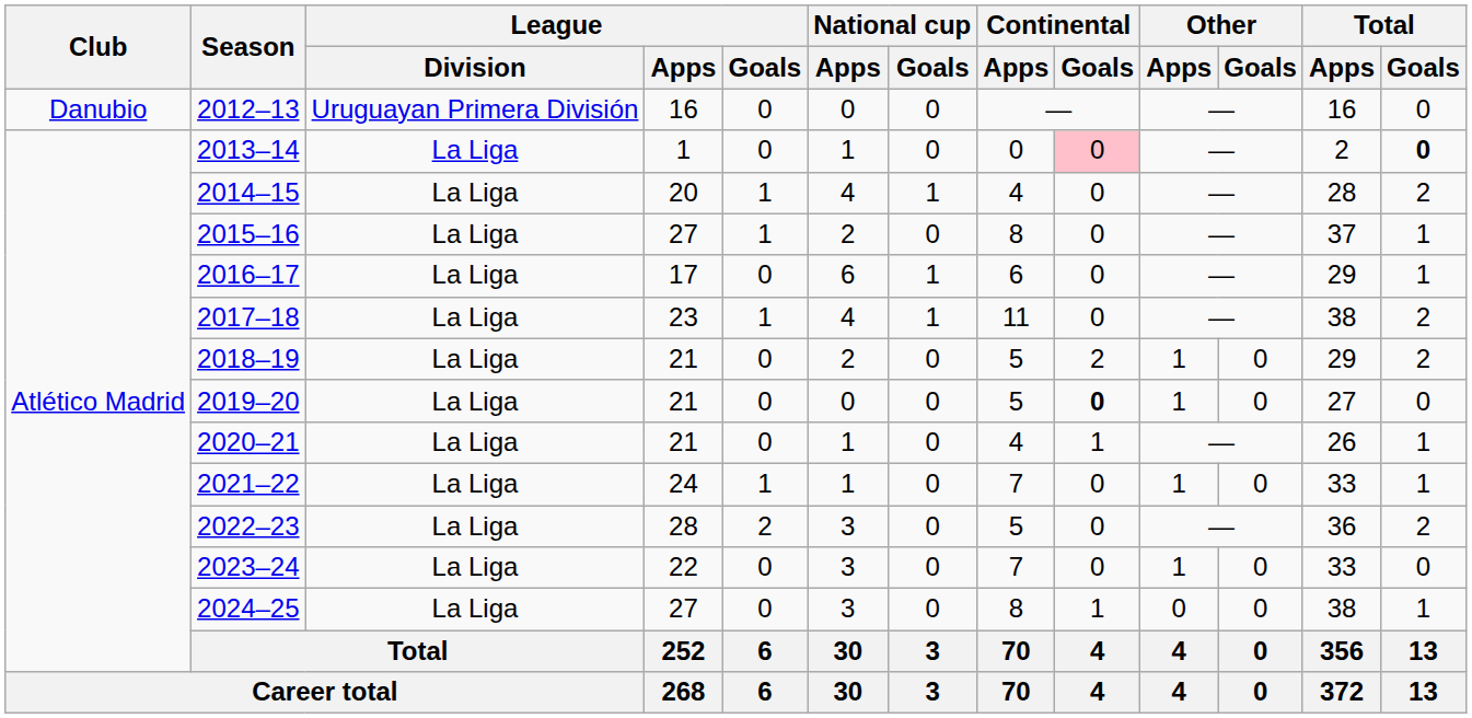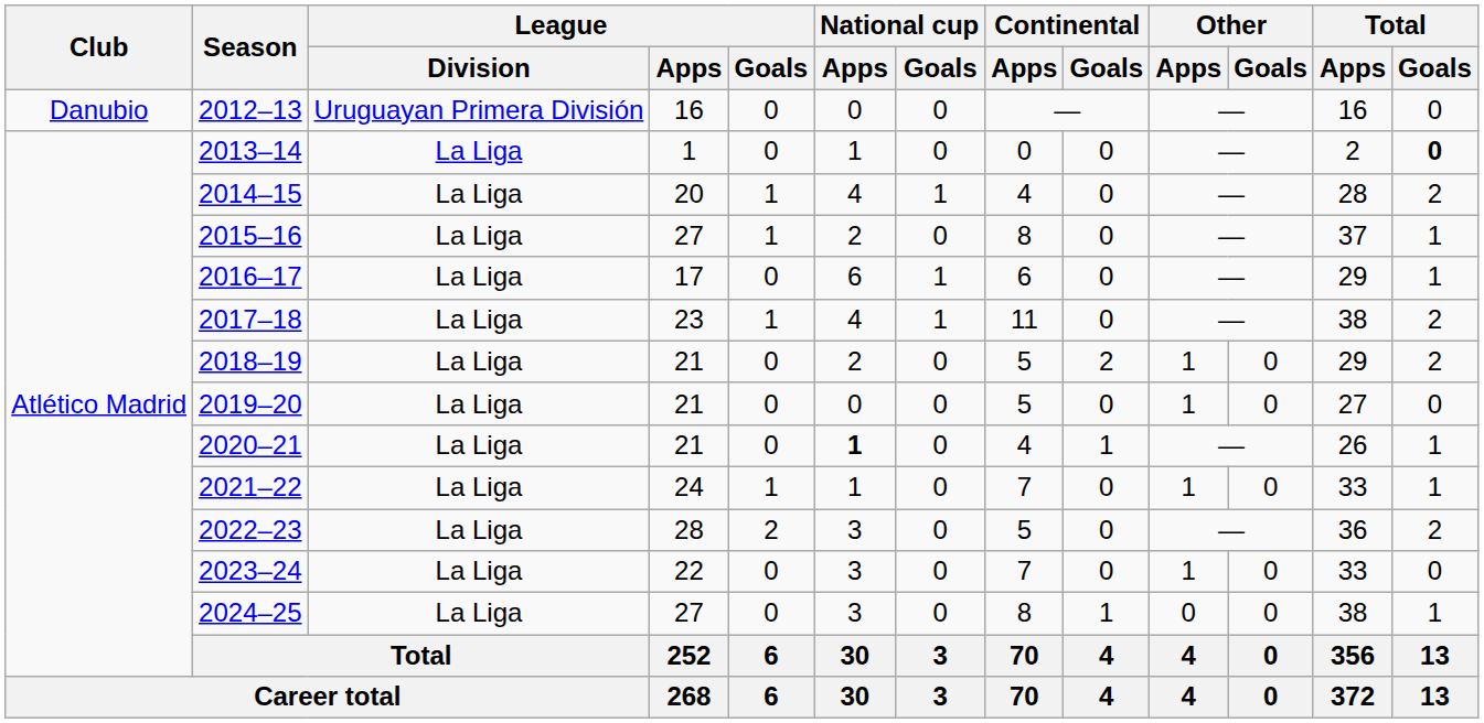 <table class="wikitable" style="text-align: center;">
 <tr>
 <th rowspan="2">Club</th>
 <th rowspan="2">Season</th>
 <th colspan="3">League</th>
 <th colspan="2">National cup</th>
 <th colspan="2">Continental</th>
 <th colspan="2">Other</th>
 <th colspan="2">Total</th>
 </tr>
 <tr>
 <th>Division</th>
 <th>Apps</th>
 <th>Goals</th>
 <th>Apps</th>
 <th>Goals</th>
 <th>Apps</th>
 <th>Goals</th>
 <th>Apps</th>
 <th>Goals</th>
 <th>Apps</th>
 <th>Goals</th>
 </tr>
 <tr>
 <td><a href='#'>Danubio</a></td>
 <td><a href='#'>2012–13</a></td>
 <td><a href='#'>Uruguayan Primera División</a></td>
 <td>16</td>
 <td>0</td>
 <td>0</td>
 <td>0</td>
 <td colspan="2">—</td>
 <td colspan="2">—</td>
 <td>16</td>
 <td>0</td>
 </tr>
 <tr>
 <td rowspan="13"><a href='#'>Atlético Madrid</a></td>
 <td><a href='#'>2013–14</a></td>
 <td><a href='#'>La Liga</a></td>
 <td>1</td>
 <td>0</td>
 <td>1</td>
 <td>0</td>
 <td>0</td>
-<td style="background: pink;">0</td>
+<td>0</td>
 <td colspan="2">—</td>
 <td>2</td>
 <td><strong>0</strong></td>
 </tr>
 <tr>
 <td><a href='#'>2014–15</a></td>
 <td>La Liga</td>
 <td>20</td>
 <td>1</td>
 <td>4</td>
 <td>1</td>
 <td>4</td>
 <td>0</td>
 <td colspan="2">—</td>
 <td>28</td>
 <td>2</td>
 </tr>
 <tr>
 <td><a href='#'>2015–16</a></td>
 <td>La Liga</td>
 <td>27</td>
 <td>1</td>
 <td>2</td>
 <td>0</td>
 <td>8</td>
 <td>0</td>
 <td colspan="2">—</td>
 <td>37</td>
 <td>1</td>
 </tr>
 <tr>
 <td><a href='#'>2016–17</a></td>
 <td>La Liga</td>
 <td>17</td>
 <td>0</td>
 <td>6</td>
 <td>1</td>
 <td>6</td>
 <td>0</td>
 <td colspan="2">—</td>
 <td>29</td>
 <td>1</td>
 </tr>
 <tr>
 <td><a href='#'>2017–18</a></td>
 <td>La Liga</td>
 <td>23</td>
 <td>1</td>
 <td>4</td>
 <td>1</td>
 <td>11</td>
 <td>0</td>
 <td colspan="2">—</td>
 <td>38</td>
 <td>2</td>
 </tr>
 <tr>
 <td><a href='#'>2018–19</a></td>
 <td>La Liga</td>
 <td>21</td>
 <td>0</td>
 <td>2</td>
 <td>0</td>
 <td>5</td>
 <td>2</td>
 <td>1</td>
 <td>0</td>
 <td>29</td>
 <td>2</td>
 </tr>
 <tr>
 <td><a href='#'>2019–20</a></td>
 <td>La Liga</td>
 <td>21</td>
 <td>0</td>
 <td>0</td>
 <td>0</td>
 <td>5</td>
-<td><strong>0</strong></td>
+<td>0</td>
 <td>1</td>
 <td>0</td>
 <td>27</td>
 <td>0</td>
 </tr>
 <tr>
 <td><a href='#'>2020–21</a></td>
 <td>La Liga</td>
 <td>21</td>
 <td>0</td>
-<td>1</td>
+<td><strong>1</strong></td>
 <td>0</td>
 <td>4</td>
 <td>1</td>
 <td colspan="2">—</td>
 <td>26</td>
 <td>1</td>
 </tr>
 <tr>
 <td><a href='#'>2021–22</a></td>
 <td>La Liga</td>
 <td>24</td>
 <td>1</td>
 <td>1</td>
 <td>0</td>
 <td>7</td>
 <td>0</td>
 <td>1</td>
 <td>0</td>
 <td>33</td>
 <td>1</td>
 </tr>
 <tr>
 <td><a href='#'>2022–23</a></td>
 <td>La Liga</td>
 <td>28</td>
 <td>2</td>
 <td>3</td>
 <td>0</td>
 <td>5</td>
 <td>0</td>
 <td colspan="2">—</td>
 <td>36</td>
 <td>2</td>
 </tr>
 <tr>
 <td><a href='#'>2023–24</a></td>
 <td>La Liga</td>
 <td>22</td>
 <td>0</td>
 <td>3</td>
 <td>0</td>
 <td>7</td>
 <td>0</td>
 <td>1</td>
 <td>0</td>
 <td>33</td>
 <td>0</td>
 </tr>
 <tr>
 <td><a href='#'>2024–25</a></td>
 <td>La Liga</td>
 <td>27</td>
 <td>0</td>
 <td>3</td>
 <td>0</td>
 <td>8</td>
 <td>1</td>
 <td>0</td>
 <td>0</td>
 <td>38</td>
 <td>1</td>
 </tr>
 <tr>
 <th colspan="2">Total</th>
 <th>252</th>
 <th>6</th>
 <th>30</th>
 <th>3</th>
 <th>70</th>
 <th>4</th>
 <th>4</th>
 <th>0</th>
 <th>356</th>
 <th>13</th>
 </tr>
 <tr>
 <th colspan="3">Career total</th>
 <th>268</th>
 <th>6</th>
 <th>30</th>
 <th>3</th>
 <th>70</th>
 <th>4</th>
 <th>4</th>
 <th>0</th>
 <th>372</th>
 <th>13</th>
 </tr>
 </table>
